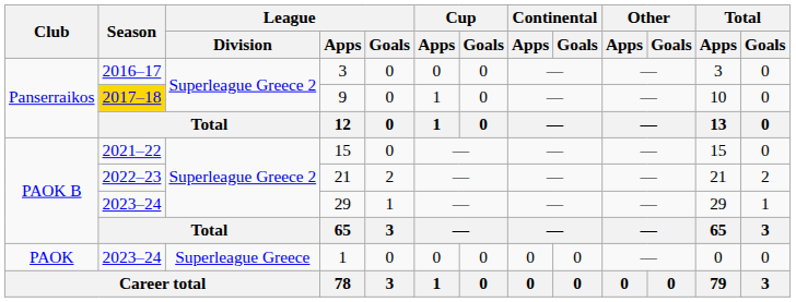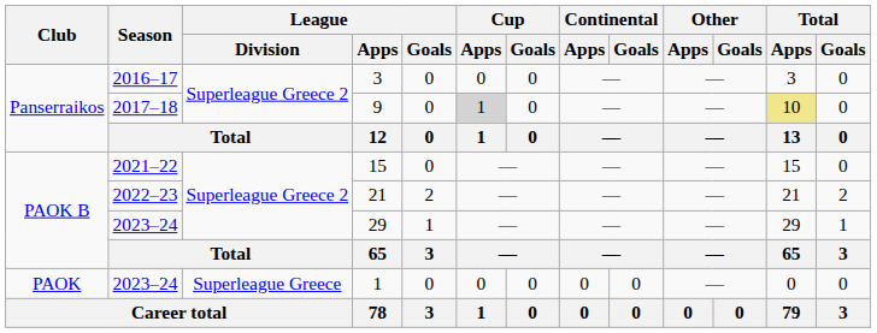 <table class="wikitable" style="text-align:center">
 <tr>
 <th rowspan=2>Club</th>
 <th rowspan=2>Season</th>
 <th colspan=3>League</th>
 <th colspan=2>Cup</th>
 <th colspan=2>Continental</th>
 <th colspan=2>Other</th>
 <th colspan=2>Total</th>
 </tr>
 <tr>
 <th>Division</th>
 <th>Apps</th>
 <th>Goals</th>
 <th>Apps</th>
 <th>Goals</th>
 <th>Apps</th>
 <th>Goals</th>
 <th>Apps</th>
 <th>Goals</th>
 <th>Apps</th>
 <th>Goals</th>
 </tr>
 <tr>
 <td rowspan="3"><a href='#'>Panserraikos</a></td>
 <td><a href='#'>2016–17</a></td>
 <td rowspan="2"><a href='#'>Superleague Greece 2</a></td>
 <td>3</td>
 <td>0</td>
 <td>0</td>
 <td>0</td>
 <td colspan="2">—</td>
 <td colspan="2">—</td>
 <td>3</td>
 <td>0</td>
 </tr>
 <tr>
-<td style="background: gold;"><a href='#'>2017–18</a></td>
+<td><a href='#'>2017–18</a></td>
 <td>9</td>
 <td>0</td>
-<td>1</td>
+<td style="background: lightgrey;">1</td>
 <td>0</td>
 <td colspan="2">—</td>
 <td colspan="2">—</td>
-<td>10</td>
+<td style="background: khaki;">10</td>
 <td>0</td>
 </tr>
 <tr>
 <th colspan="2">Total</th>
 <th>12</th>
 <th>0</th>
 <th>1</th>
 <th>0</th>
 <th colspan="2">—</th>
 <th colspan="2">—</th>
 <th>13</th>
 <th>0</th>
 </tr>
 <tr>
 <td rowspan="4"><a href='#'>PAOK B</a></td>
 <td><a href='#'>2021–22</a></td>
 <td rowspan="3"><a href='#'>Superleague Greece 2</a></td>
 <td>15</td>
 <td>0</td>
 <td colspan="2">—</td>
 <td colspan="2">—</td>
 <td colspan="2">—</td>
 <td>15</td>
 <td>0</td>
 </tr>
 <tr>
 <td><a href='#'>2022–23</a></td>
 <td>21</td>
 <td>2</td>
 <td colspan="2">—</td>
 <td colspan="2">—</td>
 <td colspan="2">—</td>
 <td>21</td>
 <td>2</td>
 </tr>
 <tr>
 <td><a href='#'>2023–24</a></td>
 <td>29</td>
 <td>1</td>
 <td colspan="2">—</td>
 <td colspan="2">—</td>
 <td colspan="2">—</td>
 <td>29</td>
 <td>1</td>
 </tr>
 <tr>
 <th colspan="2">Total</th>
 <th>65</th>
 <th>3</th>
 <th colspan="2">—</th>
 <th colspan="2">—</th>
 <th colspan="2">—</th>
 <th>65</th>
 <th>3</th>
 </tr>
 <tr>
 <td><a href='#'>PAOK</a></td>
 <td><a href='#'>2023–24</a></td>
 <td><a href='#'>Superleague Greece</a></td>
 <td>1</td>
 <td>0</td>
 <td>0</td>
 <td>0</td>
 <td>0</td>
 <td>0</td>
 <td colspan="2">—</td>
 <td>0</td>
 <td>0</td>
 </tr>
 <tr>
 <th colspan="3">Career total</th>
 <th>78</th>
 <th>3</th>
 <th>1</th>
 <th>0</th>
 <th>0</th>
 <th>0</th>
 <th>0</th>
 <th>0</th>
 <th>79</th>
 <th>3</th>
 </tr>
 </table>
